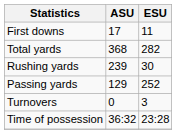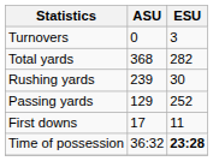 <table class="wikitable" style="float: left;">
 <tr>
 <th>Statistics</th>
 <th>ASU</th>
 <th>ESU</th>
 </tr>
 <tr>
-<td>First downs</td>
-<td>17</td>
-<td>11</td>
+<td>Turnovers</td>
+<td>0</td>
+<td>3</td>
 </tr>
 <tr>
 <td>Total yards</td>
 <td>368</td>
 <td>282</td>
 </tr>
 <tr>
 <td>Rushing yards</td>
 <td>239</td>
 <td>30</td>
 </tr>
 <tr>
 <td>Passing yards</td>
 <td>129</td>
 <td>252</td>
 </tr>
 <tr>
-<td>Turnovers</td>
-<td>0</td>
-<td>3</td>
+<td>First downs</td>
+<td>17</td>
+<td>11</td>
 </tr>
 <tr>
 <td>Time of possession</td>
 <td>36:32</td>
-<td>23:28</td>
+<td><strong>23:28</strong></td>
 </tr>
 <tr>
 </tr>
 </table>
